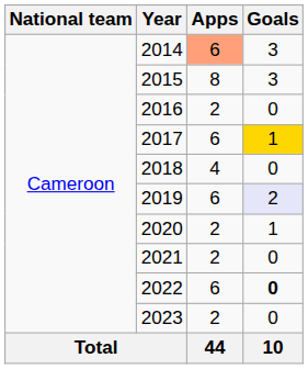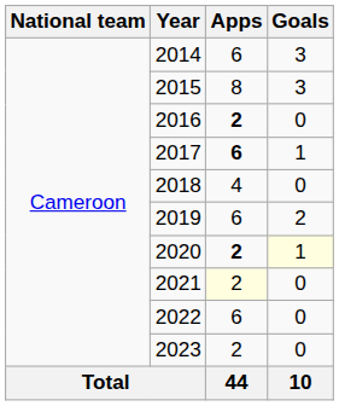 <table class="wikitable" style="text-align:center">
 <tr>
 <th>National team</th>
 <th>Year</th>
 <th>Apps</th>
 <th>Goals</th>
 </tr>
 <tr>
 <td rowspan="10"><a href='#'>Cameroon</a></td>
 <td>2014</td>
-<td style="background: lightsalmon;">6</td>
+<td>6</td>
 <td>3</td>
 </tr>
 <tr>
 <td>2015</td>
 <td>8</td>
 <td>3</td>
 </tr>
 <tr>
 <td>2016</td>
-<td>2</td>
+<td><strong>2</strong></td>
 <td>0</td>
 </tr>
 <tr>
 <td>2017</td>
-<td>6</td>
-<td style="background: gold;">1</td>
+<td><strong>6</strong></td>
+<td>1</td>
 </tr>
 <tr>
 <td>2018</td>
 <td>4</td>
 <td>0</td>
 </tr>
 <tr>
 <td>2019</td>
 <td>6</td>
-<td style="background: lavender;">2</td>
+<td>2</td>
 </tr>
 <tr>
 <td>2020</td>
-<td>2</td>
-<td>1</td>
+<td><strong>2</strong></td>
+<td style="background: lightyellow;">1</td>
 </tr>
 <tr>
 <td>2021</td>
-<td>2</td>
+<td style="background: lightyellow;">2</td>
 <td>0</td>
 </tr>
 <tr>
 <td>2022</td>
 <td>6</td>
-<td><strong>0</strong></td>
+<td>0</td>
 </tr>
 <tr>
 <td>2023</td>
 <td>2</td>
 <td>0</td>
 </tr>
 <tr>
 <th colspan="2">Total</th>
 <th>44</th>
 <th>10</th>
 </tr>
 </table>
